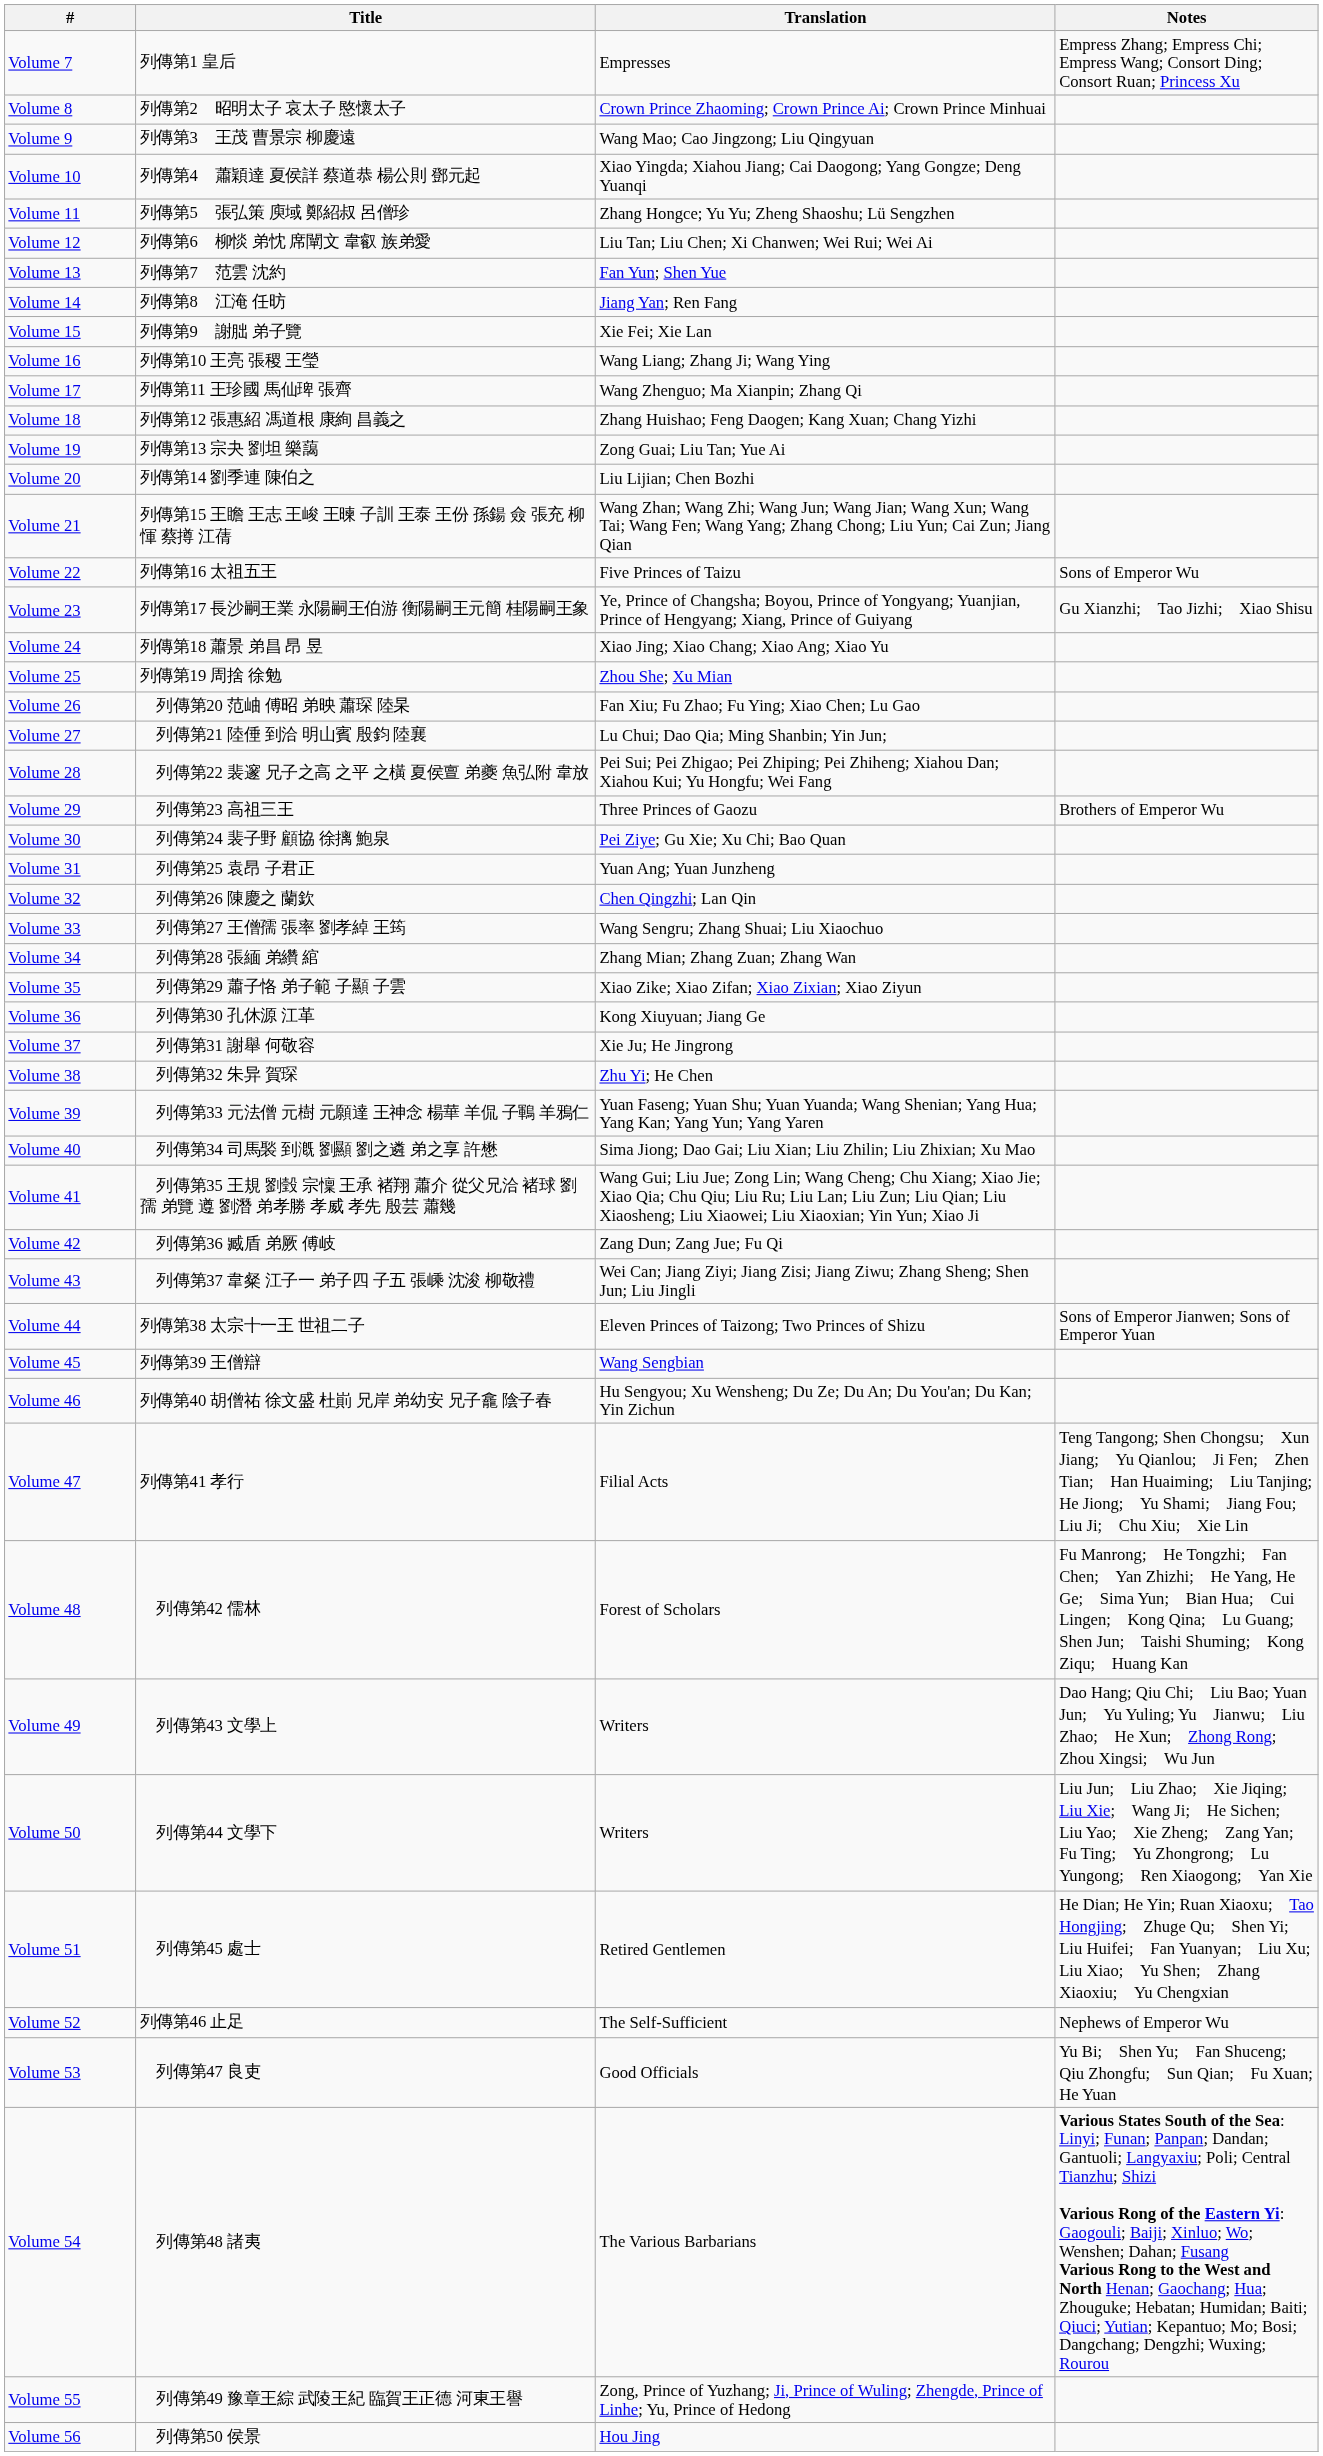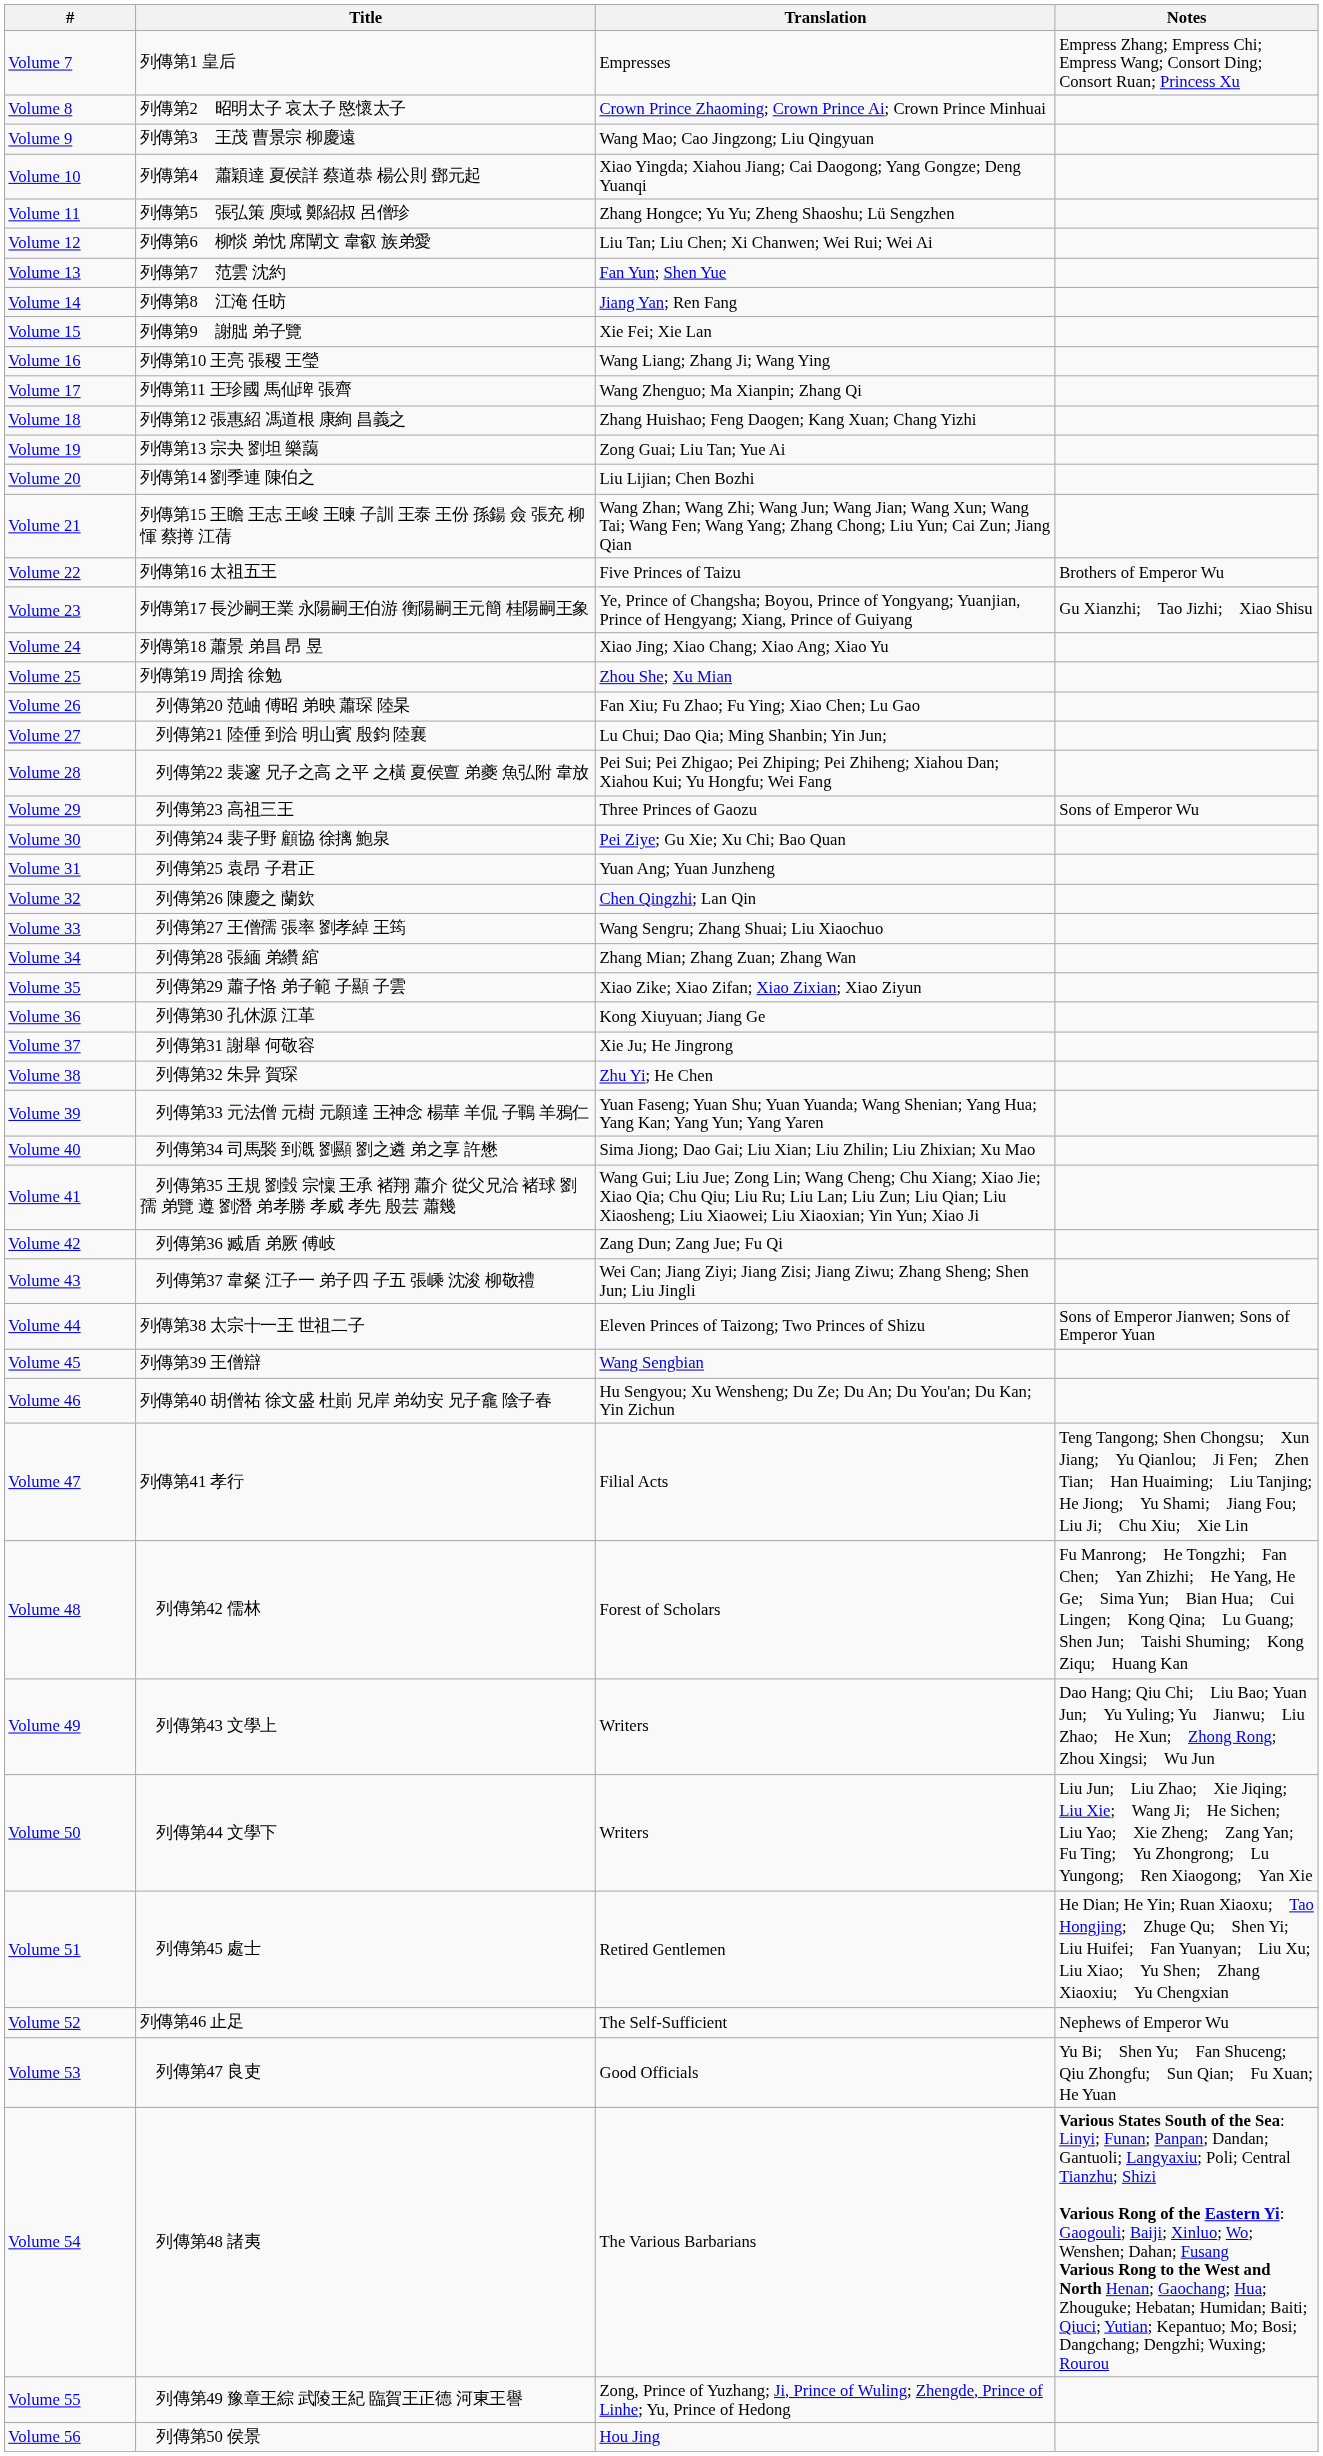 <table class=wikitable width=100%>
 <tr>
 <th width=10%>#</th>
 <th width=35%>Title</th>
 <th width=35%>Translation</th>
 <th width=20%>Notes</th>
 </tr>
 <tr>
 <td><a href='#'>Volume 7</a></td>
 <td>列傳第1 皇后</td>
 <td>Empresses</td>
 <td>Empress Zhang; Empress Chi; Empress Wang; Consort Ding; Consort Ruan; <a href='#'>Princess Xu</a></td>
 </tr>
 <tr>
 <td><a href='#'>Volume 8</a></td>
 <td>列傳第2　昭明太子 哀太子 愍懷太子</td>
 <td><a href='#'>Crown Prince Zhaoming</a>; <a href='#'>Crown Prince Ai</a>; Crown Prince Minhuai</td>
 <td></td>
 </tr>
 <tr>
 <td><a href='#'>Volume 9</a></td>
 <td>列傳第3　王茂 曹景宗 柳慶遠</td>
 <td>Wang Mao; Cao Jingzong; Liu Qingyuan</td>
 <td></td>
 </tr>
 <tr>
 <td><a href='#'>Volume 10</a></td>
 <td>列傳第4　蕭穎達 夏侯詳 蔡道恭 楊公則 鄧元起</td>
 <td>Xiao Yingda; Xiahou Jiang; Cai Daogong; Yang Gongze; Deng Yuanqi</td>
 <td></td>
 </tr>
 <tr>
 <td><a href='#'>Volume 11</a></td>
 <td>列傳第5　張弘策 庾域 鄭紹叔 呂僧珍</td>
 <td>Zhang Hongce; Yu Yu; Zheng Shaoshu; Lü Sengzhen</td>
 <td></td>
 </tr>
 <tr>
 <td><a href='#'>Volume 12</a></td>
 <td>列傳第6　柳惔 弟忱 席闡文 韋叡 族弟愛</td>
 <td>Liu Tan; Liu Chen; Xi Chanwen; Wei Rui; Wei Ai</td>
 <td></td>
 </tr>
 <tr>
 <td><a href='#'>Volume 13</a></td>
 <td>列傳第7　范雲 沈約</td>
 <td><a href='#'>Fan Yun</a>; <a href='#'>Shen Yue</a></td>
 <td></td>
 </tr>
 <tr>
 <td><a href='#'>Volume 14</a></td>
 <td>列傳第8　江淹 任昉</td>
 <td><a href='#'>Jiang Yan</a>; Ren Fang</td>
 <td></td>
 </tr>
 <tr>
 <td><a href='#'>Volume 15</a></td>
 <td>列傳第9　謝朏 弟子覽</td>
 <td>Xie Fei; Xie Lan</td>
 <td></td>
 </tr>
 <tr>
 <td><a href='#'>Volume 16</a></td>
 <td>列傳第10 王亮 張稷 王瑩</td>
 <td>Wang Liang; Zhang Ji; Wang Ying</td>
 <td></td>
 </tr>
 <tr>
 <td><a href='#'>Volume 17</a></td>
 <td>列傳第11 王珍國 馬仙琕 張齊</td>
 <td>Wang Zhenguo; Ma Xianpin; Zhang Qi</td>
 <td></td>
 </tr>
 <tr>
 <td><a href='#'>Volume 18</a></td>
 <td>列傳第12 張惠紹 馮道根 康絢 昌義之</td>
 <td>Zhang Huishao; Feng Daogen; Kang Xuan; Chang Yizhi</td>
 <td></td>
 </tr>
 <tr>
 <td><a href='#'>Volume 19</a></td>
 <td>列傳第13 宗夬 劉坦 樂藹</td>
 <td>Zong Guai; Liu Tan; Yue Ai</td>
 <td></td>
 </tr>
 <tr>
 <td><a href='#'>Volume 20</a></td>
 <td>列傳第14 劉季連 陳伯之</td>
 <td>Liu Lijian; Chen Bozhi</td>
 <td></td>
 </tr>
 <tr>
 <td><a href='#'>Volume 21</a></td>
 <td>列傳第15 王瞻 王志 王峻 王暕 子訓 王泰 王份 孫鍚 僉 張充 柳惲 蔡撙 江蒨</td>
 <td>Wang Zhan; Wang Zhi; Wang Jun; Wang Jian; Wang Xun; Wang Tai; Wang Fen; Wang Yang; Zhang Chong; Liu Yun; Cai Zun; Jiang Qian</td>
 <td></td>
 </tr>
 <tr>
 <td><a href='#'>Volume 22</a></td>
 <td>列傳第16 太祖五王</td>
 <td>Five Princes of Taizu</td>
-<td>Sons of Emperor Wu</td>
+<td>Brothers of Emperor Wu</td>
 </tr>
 <tr>
 <td><a href='#'>Volume 23</a></td>
 <td>列傳第17 長沙嗣王業 永陽嗣王伯游 衡陽嗣王元簡 桂陽嗣王象</td>
 <td>Ye, Prince of Changsha; Boyou, Prince of Yongyang; Yuanjian, Prince of Hengyang; Xiang, Prince of Guiyang</td>
 <td>Gu Xianzhi;　Tao Jizhi;　Xiao Shisu</td>
 </tr>
 <tr>
 <td><a href='#'>Volume 24</a></td>
 <td>列傳第18 蕭景 弟昌 昂 昱</td>
 <td>Xiao Jing; Xiao Chang; Xiao Ang; Xiao Yu</td>
 <td></td>
 </tr>
 <tr>
 <td><a href='#'>Volume 25</a></td>
 <td>列傳第19 周捨 徐勉</td>
 <td><a href='#'>Zhou She</a>; <a href='#'>Xu Mian</a></td>
 <td></td>
 </tr>
 <tr>
 <td><a href='#'>Volume 26</a></td>
 <td>　列傳第20 范岫 傅昭 弟映 蕭琛 陸杲</td>
 <td>Fan Xiu; Fu Zhao; Fu Ying; Xiao Chen; Lu Gao</td>
 <td></td>
 </tr>
 <tr>
 <td><a href='#'>Volume 27</a></td>
 <td>　列傳第21 陸倕 到洽 明山賓 殷鈞 陸襄</td>
 <td>Lu Chui; Dao Qia; Ming Shanbin; Yin Jun;</td>
 </tr>
 <tr>
 <td><a href='#'>Volume 28</a></td>
 <td>　列傳第22 裴邃 兄子之高 之平 之橫 夏侯亶 弟夔 魚弘附 韋放</td>
 <td>Pei Sui; Pei Zhigao; Pei Zhiping; Pei Zhiheng; Xiahou Dan; Xiahou Kui; Yu Hongfu; Wei Fang</td>
 <td></td>
 </tr>
 <tr>
 <td><a href='#'>Volume 29</a></td>
 <td>　列傳第23 高祖三王</td>
 <td>Three Princes of Gaozu</td>
-<td>Brothers of Emperor Wu</td>
+<td>Sons of Emperor Wu</td>
 </tr>
 <tr>
 <td><a href='#'>Volume 30</a></td>
 <td>　列傳第24 裴子野 顧協 徐摛 鮑泉</td>
 <td><a href='#'>Pei Ziye</a>; Gu Xie; Xu Chi; Bao Quan</td>
 <td></td>
 </tr>
 <tr>
 <td><a href='#'>Volume 31</a></td>
 <td>　列傳第25 袁昂 子君正</td>
 <td>Yuan Ang; Yuan Junzheng</td>
 <td></td>
 </tr>
 <tr>
 <td><a href='#'>Volume 32</a></td>
 <td>　列傳第26 陳慶之 蘭欽</td>
 <td><a href='#'>Chen Qingzhi</a>; Lan Qin</td>
 <td></td>
 </tr>
 <tr>
 <td><a href='#'>Volume 33</a></td>
 <td>　列傳第27 王僧孺 張率 劉孝綽 王筠</td>
 <td>Wang Sengru; Zhang Shuai; Liu Xiaochuo</td>
 <td></td>
 </tr>
 <tr>
 <td><a href='#'>Volume 34</a></td>
 <td>　列傳第28 張緬 弟纘 綰</td>
 <td>Zhang Mian; Zhang Zuan; Zhang Wan</td>
 </tr>
 <tr>
 <td><a href='#'>Volume 35</a></td>
 <td>　列傳第29 蕭子恪 弟子範 子顯 子雲</td>
 <td>Xiao Zike; Xiao Zifan; <a href='#'>Xiao Zixian</a>; Xiao Ziyun</td>
 <td></td>
 </tr>
 <tr>
 <td><a href='#'>Volume 36</a></td>
 <td>　列傳第30 孔休源 江革</td>
 <td>Kong Xiuyuan; Jiang Ge</td>
 <td></td>
 </tr>
 <tr>
 <td><a href='#'>Volume 37</a></td>
 <td>　列傳第31 謝舉 何敬容</td>
 <td>Xie Ju; He Jingrong</td>
 <td></td>
 </tr>
 <tr>
 <td><a href='#'>Volume 38</a></td>
 <td>　列傳第32 朱异 賀琛</td>
 <td><a href='#'>Zhu Yi</a>; He Chen</td>
 <td></td>
 </tr>
 <tr>
 <td><a href='#'>Volume 39</a></td>
 <td>　列傳第33 元法僧 元樹 元願達 王神念 楊華 羊侃 子鶤 羊鴉仁</td>
 <td>Yuan Faseng; Yuan Shu; Yuan Yuanda; Wang Shenian; Yang Hua; Yang Kan; Yang Yun; Yang Yaren</td>
 <td></td>
 </tr>
 <tr>
 <td><a href='#'>Volume 40</a></td>
 <td>　列傳第34 司馬褧 到漑 劉顯 劉之遴 弟之享 許懋</td>
 <td>Sima Jiong; Dao Gai; Liu Xian; Liu Zhilin; Liu Zhixian; Xu Mao</td>
 <td></td>
 </tr>
 <tr>
 <td><a href='#'>Volume 41</a></td>
 <td>　列傳第35 王規 劉瑴 宗懍 王承 褚翔 蕭介 從父兄洽 褚球 劉孺 弟覽 遵 劉潛 弟孝勝 孝威 孝先 殷芸 蕭幾</td>
 <td>Wang Gui; Liu Jue; Zong Lin; Wang Cheng; Chu Xiang; Xiao Jie; Xiao Qia; Chu Qiu; Liu Ru; Liu Lan; Liu Zun; Liu Qian; Liu Xiaosheng; Liu Xiaowei; Liu Xiaoxian; Yin Yun; Xiao Ji</td>
 <td></td>
 </tr>
 <tr>
 <td><a href='#'>Volume 42</a></td>
 <td>　列傳第36 臧盾 弟厥 傅岐</td>
 <td>Zang Dun; Zang Jue; Fu Qi</td>
 <td></td>
 </tr>
 <tr>
 <td><a href='#'>Volume 43</a></td>
 <td>　列傳第37 韋粲 江子一 弟子四 子五 張嵊 沈浚 柳敬禮</td>
 <td>Wei Can; Jiang Ziyi; Jiang Zisi; Jiang Ziwu; Zhang Sheng; Shen Jun; Liu Jingli</td>
 <td></td>
 </tr>
 <tr>
 <td><a href='#'>Volume 44</a></td>
 <td>列傳第38 太宗十一王 世祖二子</td>
 <td>Eleven Princes of Taizong; Two Princes of Shizu</td>
 <td>Sons of Emperor Jianwen; Sons of Emperor Yuan</td>
 </tr>
 <tr>
 <td><a href='#'>Volume 45</a></td>
 <td>列傳第39 王僧辯</td>
 <td><a href='#'>Wang Sengbian</a></td>
 <td></td>
 </tr>
 <tr>
 <td><a href='#'>Volume 46</a></td>
 <td>列傳第40 胡僧祐 徐文盛 杜崱 兄岸 弟幼安 兄子龕 陰子春</td>
 <td>Hu Sengyou; Xu Wensheng; Du Ze; Du An; Du You'an; Du Kan; Yin Zichun</td>
 <td></td>
 </tr>
 <tr>
 <td><a href='#'>Volume 47</a></td>
 <td>列傳第41 孝行</td>
 <td>Filial Acts</td>
 <td>Teng Tangong; Shen Chongsu;　Xun Jiang;　Yu Qianlou;　Ji Fen;　Zhen Tian;　Han Huaiming;　Liu Tanjing;　He Jiong;　Yu Shami;　Jiang Fou;　Liu Ji;　Chu Xiu;　Xie Lin</td>
 </tr>
 <tr>
 <td><a href='#'>Volume 48</a></td>
 <td>　列傳第42 儒林</td>
 <td>Forest of Scholars</td>
 <td>Fu Manrong;　He Tongzhi;　Fan Chen;　Yan Zhizhi;　He Yang, He　Ge;　Sima Yun;　Bian Hua;　Cui Lingen;　Kong Qina;　Lu Guang;　Shen Jun;　Taishi Shuming;　Kong Ziqu;　Huang Kan</td>
 </tr>
 <tr>
 <td><a href='#'>Volume 49</a></td>
 <td>　列傳第43 文學上</td>
 <td>Writers</td>
 <td>Dao Hang; Qiu Chi;　Liu Bao; Yuan Jun;　Yu Yuling; Yu　Jianwu;　Liu Zhao;　He Xun;　<a href='#'>Zhong Rong</a>;　Zhou Xingsi;　Wu Jun</td>
 </tr>
 <tr>
 <td><a href='#'>Volume 50</a></td>
 <td>　列傳第44 文學下</td>
 <td>Writers</td>
 <td>Liu Jun;　Liu Zhao;　Xie Jiqing;　<a href='#'>Liu Xie</a>;　Wang Ji;　He Sichen;　Liu Yao;　Xie Zheng;　Zang Yan;　Fu Ting;　Yu Zhongrong;　Lu Yungong;　Ren Xiaogong;　Yan Xie</td>
 </tr>
 <tr>
 <td><a href='#'>Volume 51</a></td>
 <td>　列傳第45 處士</td>
 <td>Retired Gentlemen</td>
 <td>He Dian; He Yin; Ruan Xiaoxu;　<a href='#'>Tao Hongjing</a>;　Zhuge Qu;　Shen Yi;　Liu Huifei;　Fan Yuanyan;　Liu Xu;　Liu Xiao;　Yu Shen;　Zhang Xiaoxiu;　Yu Chengxian</td>
 </tr>
 <tr>
 <td><a href='#'>Volume 52</a></td>
 <td>列傳第46 止足</td>
 <td>The Self-Sufficient</td>
 <td>Nephews of Emperor Wu</td>
 </tr>
 <tr>
 <td><a href='#'>Volume 53</a></td>
 <td>　列傳第47 良吏</td>
 <td>Good Officials</td>
 <td>Yu Bi;　Shen Yu;　Fan Shuceng;　Qiu Zhongfu;　Sun Qian;　Fu Xuan;　He Yuan</td>
 </tr>
 <tr>
 <td><a href='#'>Volume 54</a></td>
 <td>　列傳第48 諸夷</td>
 <td>The Various Barbarians</td>
 <td><strong>Various States South of the Sea</strong>: <a href='#'>Linyi</a>; <a href='#'>Funan</a>; <a href='#'>Panpan</a>; Dandan; Gantuoli; <a href='#'>Langyaxiu</a>; Poli; Central <a href='#'>Tianzhu</a>; <a href='#'>Shizi</a><br><br><strong>Various Rong of the <a href='#'>Eastern Yi</a></strong>: <a href='#'>Gaogouli</a>; <a href='#'>Baiji</a>; <a href='#'>Xinluo</a>; <a href='#'>Wo</a>; Wenshen; Dahan; <a href='#'>Fusang</a><br> <strong>Various Rong to the West and North</strong> <a href='#'>Henan</a>; <a href='#'>Gaochang</a>; <a href='#'>Hua</a>; Zhouguke; Hebatan; Humidan; Baiti; <a href='#'>Qiuci</a>; <a href='#'>Yutian</a>; Kepantuo; Mo; Bosi; Dangchang; Dengzhi; Wuxing; <a href='#'>Rourou</a></td>
 </tr>
 <tr>
 <td><a href='#'>Volume 55</a></td>
 <td>　列傳第49 豫章王綜 武陵王紀 臨賀王正德 河東王譽</td>
 <td>Zong, Prince of Yuzhang; <a href='#'>Ji, Prince of Wuling</a>; <a href='#'>Zhengde, Prince of Linhe</a>; Yu, Prince of Hedong</td>
 <td></td>
 </tr>
 <tr>
 <td><a href='#'>Volume 56</a></td>
 <td>　列傳第50 侯景</td>
 <td><a href='#'>Hou Jing</a></td>
 <td></td>
 </tr>
 </table>
